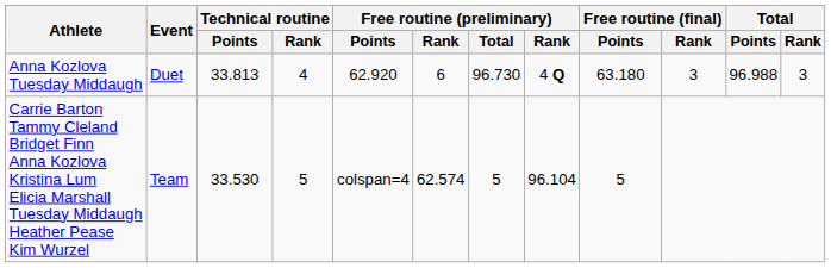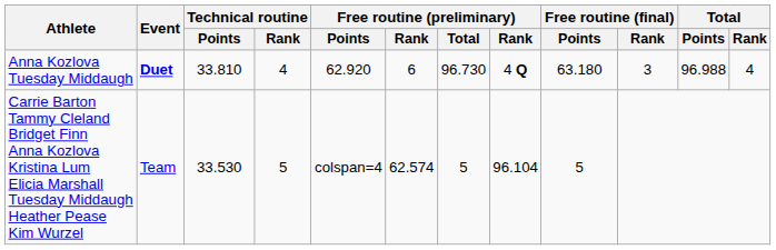 <table class=wikitable style=font-size:90%;text-align:center>
 <tr>
 <th rowspan=2>Athlete</th>
 <th rowspan=2>Event</th>
 <th colspan=2>Technical routine</th>
 <th colspan=4>Free routine (preliminary)</th>
 <th colspan=2>Free routine (final)</th>
 <th colspan=2>Total</th>
 </tr>
 <tr style=font-size:95%>
 <th>Points</th>
 <th>Rank</th>
 <th>Points</th>
 <th>Rank</th>
 <th>Total</th>
 <th>Rank</th>
 <th>Points</th>
 <th>Rank</th>
 <th>Points</th>
 <th>Rank</th>
 </tr>
 <tr>
 <td align=left><a href='#'>Anna Kozlova</a><br><a href='#'>Tuesday Middaugh</a></td>
-<td align=left><a href='#'>Duet</a></td>
-<td>33.813</td>
+<td align=left><strong><a href='#'>Duet</a></strong></td>
+<td>33.810</td>
 <td>4</td>
 <td>62.920</td>
 <td>6</td>
 <td>96.730</td>
 <td>4 <strong>Q</strong></td>
 <td>63.180</td>
 <td>3</td>
 <td>96.988</td>
-<td>3</td>
+<td>4</td>
 </tr>
 <tr>
 <td align=left><a href='#'>Carrie Barton</a><br><a href='#'>Tammy Cleland</a><br><a href='#'>Bridget Finn</a><br><a href='#'>Anna Kozlova</a><br><a href='#'>Kristina Lum</a><br><a href='#'>Elicia Marshall</a><br><a href='#'>Tuesday Middaugh</a><br><a href='#'>Heather Pease</a><br><a href='#'>Kim Wurzel</a></td>
 <td align=left><a href='#'>Team</a></td>
 <td>33.530</td>
 <td>5</td>
 <td>colspan=4 </td>
 <td>62.574</td>
 <td>5</td>
 <td>96.104</td>
 <td>5</td>
 </tr>
 </table>
